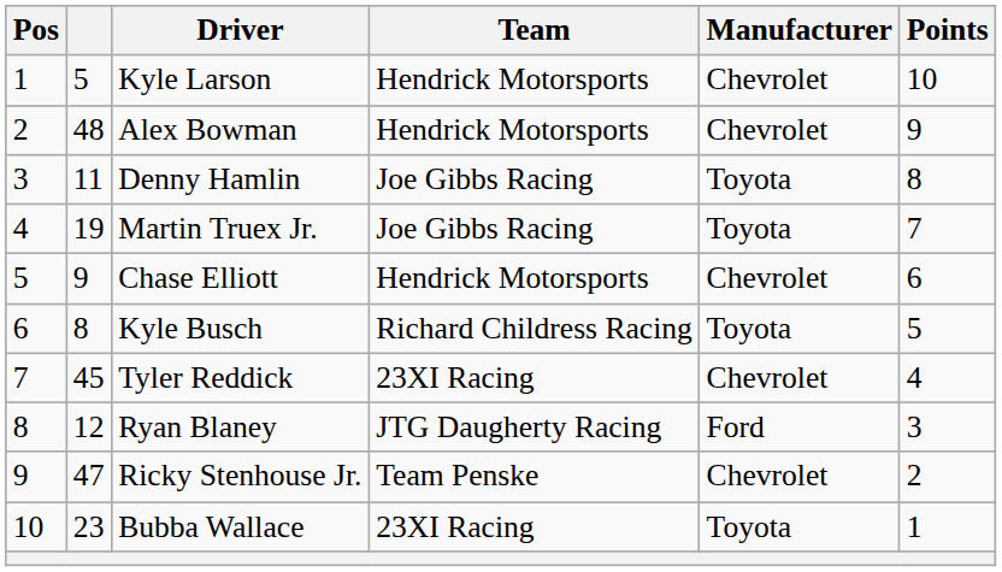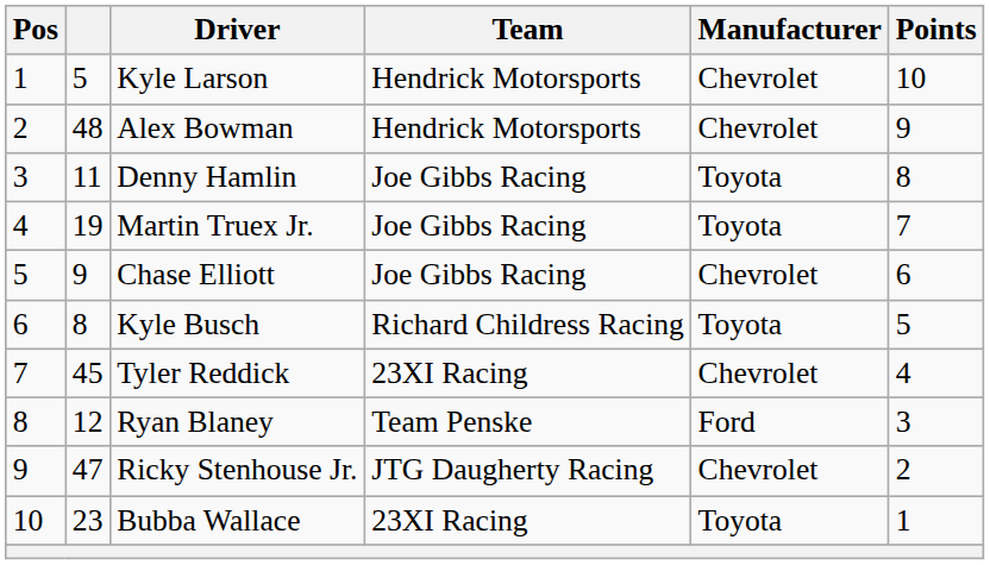 <table class="wikitable" style="font-size:98%">
 <tr>
 <th>Pos</th>
 <th></th>
 <th>Driver</th>
 <th>Team</th>
 <th>Manufacturer</th>
 <th>Points</th>
 </tr>
 <tr>
 <td>1</td>
 <td>5</td>
 <td>Kyle Larson</td>
 <td>Hendrick Motorsports</td>
 <td>Chevrolet</td>
 <td>10</td>
 </tr>
 <tr>
 <td>2</td>
 <td>48</td>
 <td>Alex Bowman</td>
 <td>Hendrick Motorsports</td>
 <td>Chevrolet</td>
 <td>9</td>
 </tr>
 <tr>
 <td>3</td>
 <td>11</td>
 <td>Denny Hamlin</td>
 <td>Joe Gibbs Racing</td>
 <td>Toyota</td>
 <td>8</td>
 </tr>
 <tr>
 <td>4</td>
 <td>19</td>
 <td>Martin Truex Jr.</td>
 <td>Joe Gibbs Racing</td>
 <td>Toyota</td>
 <td>7</td>
 </tr>
 <tr>
 <td>5</td>
 <td>9</td>
 <td>Chase Elliott</td>
-<td>Hendrick Motorsports</td>
+<td>Joe Gibbs Racing</td>
 <td>Chevrolet</td>
 <td>6</td>
 </tr>
 <tr>
 <td>6</td>
 <td>8</td>
 <td>Kyle Busch</td>
 <td>Richard Childress Racing</td>
 <td>Toyota</td>
 <td>5</td>
 </tr>
 <tr>
 <td>7</td>
 <td>45</td>
 <td>Tyler Reddick</td>
 <td>23XI Racing</td>
 <td>Chevrolet</td>
 <td>4</td>
 </tr>
 <tr>
 <td>8</td>
 <td>12</td>
 <td>Ryan Blaney</td>
-<td>JTG Daugherty Racing</td>
+<td>Team Penske</td>
 <td>Ford</td>
 <td>3</td>
 </tr>
 <tr>
 <td>9</td>
 <td>47</td>
 <td>Ricky Stenhouse Jr.</td>
-<td>Team Penske</td>
+<td>JTG Daugherty Racing</td>
 <td>Chevrolet</td>
 <td>2</td>
 </tr>
 <tr>
 <td>10</td>
 <td>23</td>
 <td>Bubba Wallace</td>
 <td>23XI Racing</td>
 <td>Toyota</td>
 <td>1</td>
 </tr>
 <tr>
 <th colspan="6"></th>
 </tr>
 </table>
